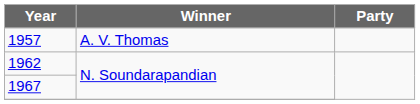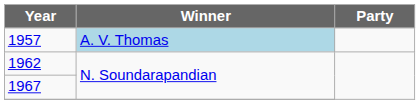 <table class="wikitable" width="50%">
 <tr>
 <th style="background-color:#666666; color:white">Year</th>
 <th style="background-color:#666666; color:white">Winner</th>
 <th style="background-color:#666666; color:white" colspan="2">Party</th>
 </tr>
 <tr>
 <td><a href='#'>1957</a></td>
-<td><a href='#'>A. V. Thomas</a></td>
+<td style="background: lightblue;"><a href='#'>A. V. Thomas</a></td>
 <td></td>
 </tr>
 <tr>
 <td><a href='#'>1962</a></td>
 <td rowspan=2><a href='#'>N. Soundarapandian</a></td>
 </tr>
 <tr>
 <td><a href='#'>1967</a></td>
 </tr>
 <tr>
 </tr>
 </table>
